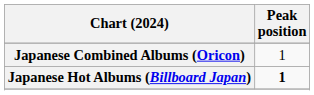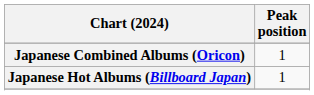 <table class="wikitable sortable plainrowheaders" style="text-align:center">
 <tr>
 <th scope="col">Chart (2024)</th>
 <th scope="col">Peak<br>position</th>
 </tr>
 <tr>
 </tr>
 <tr>
 <th scope="row">Japanese Combined Albums (<a href='#'>Oricon</a>)</th>
 <td>1</td>
 </tr>
 <tr>
 <th scope="row">Japanese Hot Albums (<em><a href='#'>Billboard Japan</a></em>)</th>
-<td><strong>1</strong></td>
+<td>1</td>
 </tr>
 <tr>
 </tr>
 <tr>
 </tr>
 </table>
